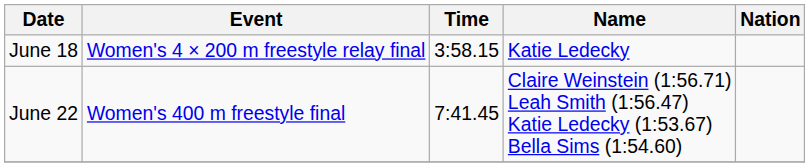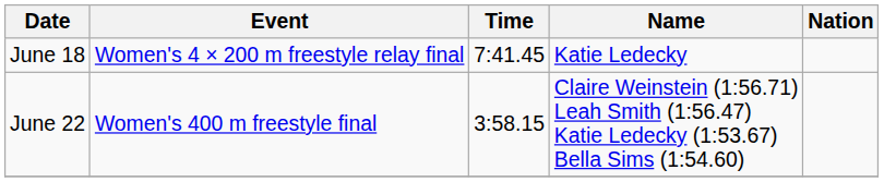 <table class="wikitable">
 <tr>
 <th>Date</th>
 <th>Event</th>
 <th>Time</th>
 <th>Name</th>
 <th>Nation</th>
 </tr>
 <tr>
 <td>June 18</td>
 <td><a href='#'>Women's 4 × 200 m freestyle relay final</a></td>
-<td align="right">3:58.15</td>
+<td align="right">7:41.45</td>
 <td><a href='#'>Katie Ledecky</a></td>
 <td></td>
 </tr>
 <tr>
 <td>June 22</td>
 <td><a href='#'>Women's 400 m freestyle final</a></td>
-<td align="right">7:41.45</td>
+<td align="right">3:58.15</td>
 <td><a href='#'>Claire Weinstein</a> (1:56.71)<br><a href='#'>Leah Smith</a> (1:56.47)<br><a href='#'>Katie Ledecky</a> (1:53.67)<br><a href='#'>Bella Sims</a> (1:54.60)</td>
 <td></td>
 </tr>
 <tr>
 </tr>
 </table>
